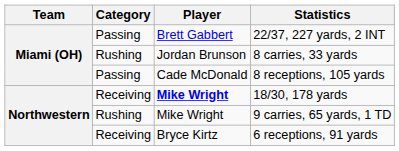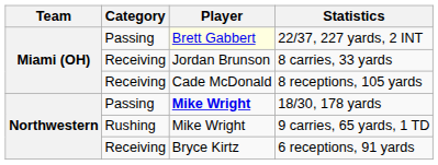 <table class="wikitable" style="float:right">
 <tr>
 <th>Team</th>
 <th>Category</th>
 <th>Player</th>
 <th>Statistics</th>
 </tr>
 <tr>
 <th rowspan=3>Miami (OH)</th>
 <td>Passing</td>
-<td><a href='#'>Brett Gabbert</a></td>
+<td style="background: lightyellow;"><a href='#'>Brett Gabbert</a></td>
 <td>22/37, 227 yards, 2 INT</td>
 </tr>
 <tr>
-<td>Rushing</td>
+<td>Receiving</td>
 <td>Jordan Brunson</td>
 <td>8 carries, 33 yards</td>
 </tr>
 <tr>
-<td>Passing</td>
+<td>Receiving</td>
 <td>Cade McDonald</td>
 <td>8 receptions, 105 yards</td>
 </tr>
 <tr>
 <th rowspan=3>Northwestern</th>
-<td>Receiving</td>
+<td>Passing</td>
 <td><strong><a href='#'>Mike Wright</a></strong></td>
 <td>18/30, 178 yards</td>
 </tr>
 <tr>
 <td>Rushing</td>
 <td>Mike Wright</td>
 <td>9 carries, 65 yards, 1 TD</td>
 </tr>
 <tr>
 <td>Receiving</td>
 <td>Bryce Kirtz</td>
 <td>6 receptions, 91 yards</td>
 </tr>
 </table>
